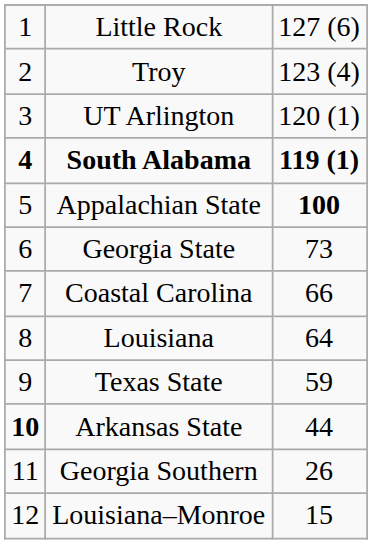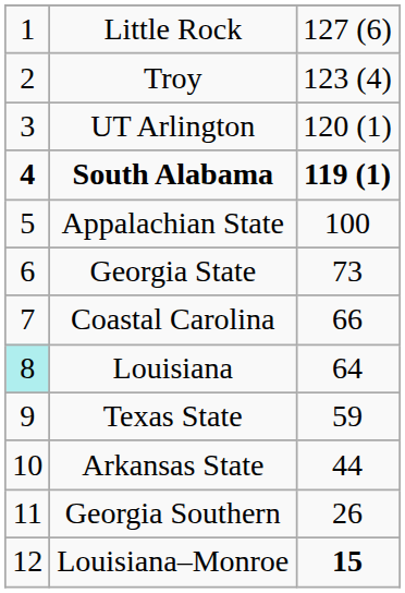 <table class="wikitable">
 <tr align="center">
 </tr>
 <tr align="center">
 <td>1</td>
 <td>Little Rock</td>
 <td>127 (6)</td>
 </tr>
 <tr align="center">
 <td>2</td>
 <td>Troy</td>
 <td>123 (4)</td>
 </tr>
 <tr align="center">
 <td>3</td>
 <td>UT Arlington</td>
 <td>120 (1)</td>
 </tr>
 <tr align="center">
 <td><strong>4</strong></td>
 <td><strong>South Alabama</strong></td>
 <td><strong>119 (1)</strong></td>
 </tr>
 <tr align="center">
 <td>5</td>
 <td>Appalachian State</td>
-<td><strong>100</strong></td>
+<td>100</td>
 </tr>
 <tr align="center">
 <td>6</td>
 <td>Georgia State</td>
 <td>73</td>
 </tr>
 <tr align="center">
 <td>7</td>
 <td>Coastal Carolina</td>
 <td>66</td>
 </tr>
 <tr align="center">
-<td>8</td>
+<td style="background: paleturquoise;">8</td>
 <td>Louisiana</td>
 <td>64</td>
 </tr>
 <tr align="center">
 <td>9</td>
 <td>Texas State</td>
 <td>59</td>
 </tr>
 <tr align="center">
-<td><strong>10</strong></td>
+<td>10</td>
 <td>Arkansas State</td>
 <td>44</td>
 </tr>
 <tr align="center">
 <td>11</td>
 <td>Georgia Southern</td>
 <td>26</td>
 </tr>
 <tr align="center">
 <td>12</td>
 <td>Louisiana–Monroe</td>
-<td>15</td>
+<td><strong>15</strong></td>
 </tr>
 </table>
